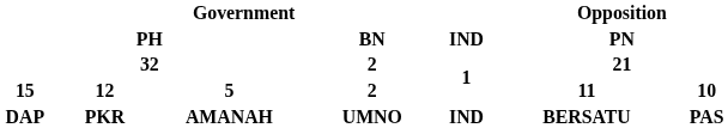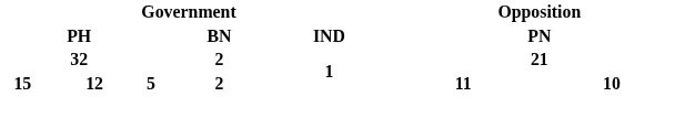 <table style="width:40em;">
 <tr style="text-align:center;">
 <td colspan="5" style="color:"><strong>Government</strong></td>
 <td colspan="2" style="color:"><strong>Opposition</strong></td>
 </tr>
 <tr style="text-align:center;">
 <td colspan="3" style="color:"><strong>PH</strong></td>
 <td colspan="1" style="color:"><strong>BN</strong></td>
 <td colspan="1" style="color:"><strong>IND</strong></td>
 <td colspan="2" style="color:"><strong>PN</strong></td>
 </tr>
 <tr style="text-align:center;">
 <td colspan="3" style="background:"><strong>32</strong></td>
 <td colspan="1" style="background:"><strong>2</strong></td>
 <td rowspan="2" align="center" style="background:"><strong>1</strong></td>
 <td colspan="2" style="background:"><strong>21</strong></td>
 </tr>
 <tr style="text-align:center;">
 <td style="background:"><strong>15</strong></td>
 <td style="background:"><strong>12</strong></td>
 <td style="background:"><strong>5</strong></td>
 <td style="background:"><strong>2</strong></td>
 <td style="background:"><strong>11</strong></td>
 <td style="background:"><strong>10</strong></td>
 </tr>
-<tr style="text-align:center;">
-<td style="color:"><strong>DAP</strong></td>
-<td style="color:"><strong>PKR</strong></td>
-<td style="color:"><strong>AMANAH</strong></td>
-<td style="color:"><strong>UMNO</strong></td>
-<td style="color:"><strong>IND</strong></td>
-<td style="color:"><strong>BERSATU</strong></td>
-<td style="color:"><strong>PAS</strong></td>
-</tr>
 </table>
